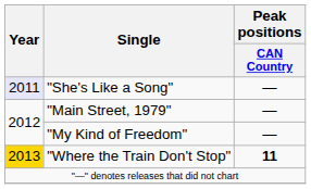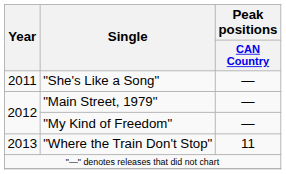 <table class="wikitable" style="text-align:center;">
 <tr>
 <th rowspan="2">Year</th>
 <th rowspan="2">Single</th>
 <th>Peak positions</th>
 </tr>
 <tr style="font-size:smaller;">
 <th style="width:65px;"><a href='#'>CAN Country</a><br></th>
 </tr>
 <tr>
-<td style="background: lavender;">2011</td>
+<td>2011</td>
 <td align="left">"She's Like a Song"</td>
 <td>—</td>
 </tr>
 <tr>
 <td rowspan="2">2012</td>
 <td align="left">"Main Street, 1979"</td>
 <td>—</td>
 </tr>
 <tr>
 <td align="left">"My Kind of Freedom"</td>
 <td>—</td>
 </tr>
 <tr>
-<td style="background: gold;">2013</td>
+<td>2013</td>
 <td align="left">"Where the Train Don't Stop"</td>
-<td><strong>11</strong></td>
+<td>11</td>
 </tr>
 <tr>
 <td colspan="3" style="font-size:8pt">"—" denotes releases that did not chart</td>
 </tr>
 <tr>
 </tr>
 </table>
